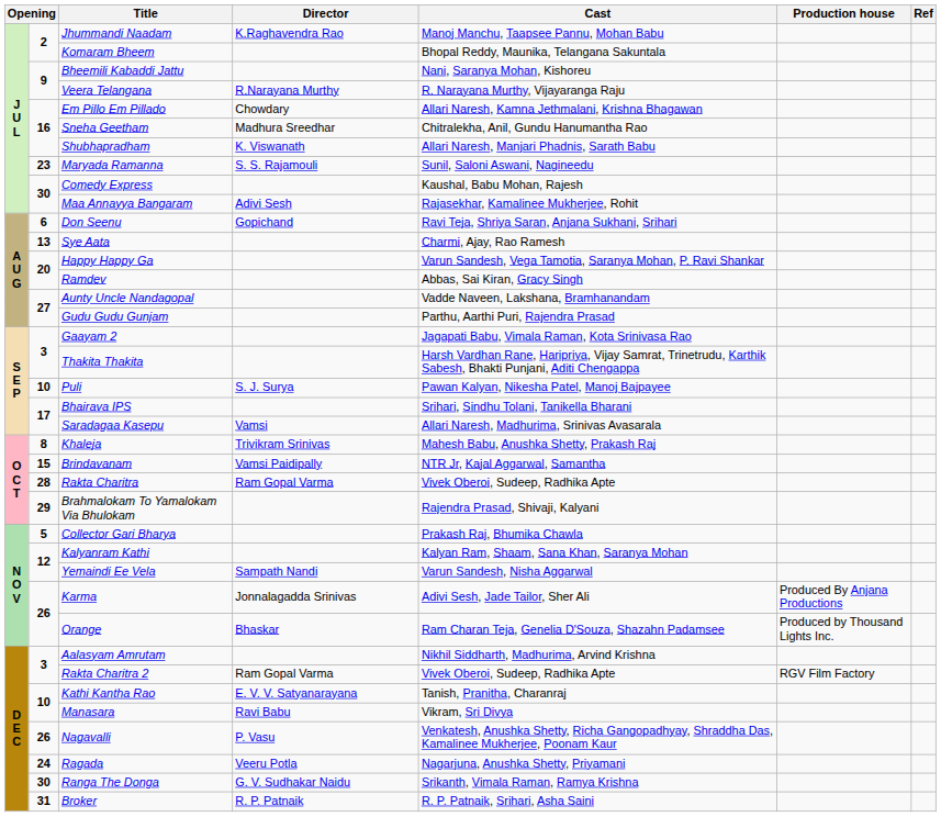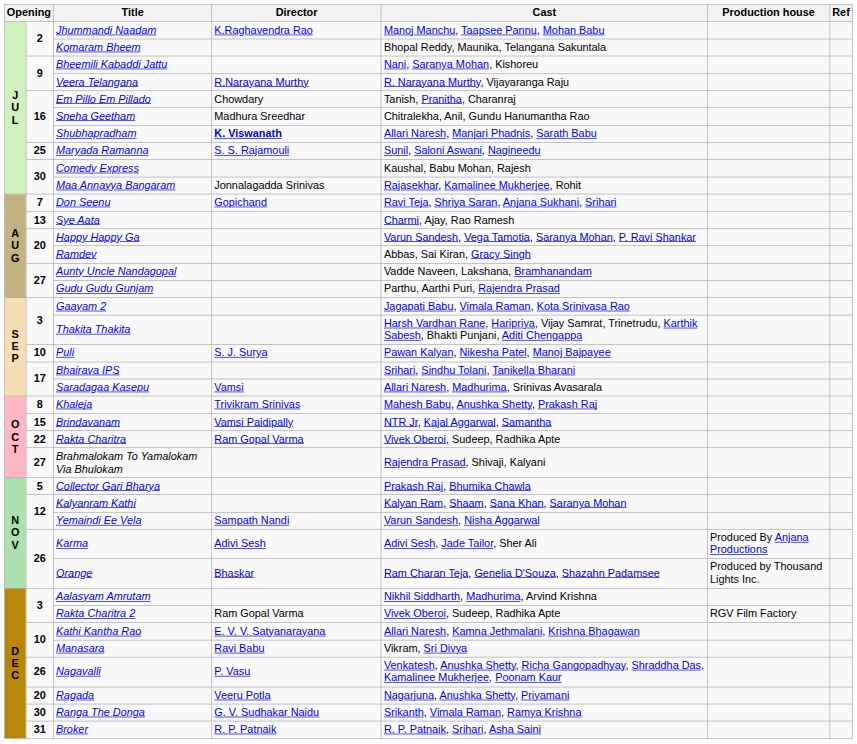 <table class="wikitable sortable">
 <tr style="background:#blue; text-align:center;">
 <th colspan="2">Opening</th>
 <th>Title</th>
 <th style="width:20%;"><strong>Director</strong></th>
 <th>Cast</th>
 <th>Production house</th>
 <th>Ref</th>
 </tr>
 <tr July!>
 <td rowspan="10"   style="text-align:center; background:	#d0f0c0; textcolor:#000;"><strong>J<br>U<br>L</strong></td>
 <td rowspan="2" style="text-align:center;"><strong>2</strong></td>
 <td><em><a href='#'>Jhummandi Naadam</a></em></td>
 <td><a href='#'>K.Raghavendra Rao</a></td>
 <td><a href='#'>Manoj Manchu</a>, <a href='#'>Taapsee Pannu</a>, <a href='#'>Mohan Babu</a></td>
 <td></td>
 <td></td>
 </tr>
 <tr>
 <td><em><a href='#'>Komaram Bheem</a></em></td>
 <td></td>
 <td>Bhopal Reddy, Maunika, Telangana Sakuntala</td>
 <td></td>
 <td></td>
 </tr>
 <tr>
 <td rowspan="2" style="text-align:center;"><strong>9</strong></td>
 <td><em><a href='#'>Bheemili Kabaddi Jattu</a></em></td>
 <td></td>
 <td><a href='#'>Nani</a>, <a href='#'>Saranya Mohan</a>, Kishoreu</td>
 <td></td>
 <td></td>
 </tr>
 <tr>
 <td><em><a href='#'>Veera Telangana</a></em></td>
 <td><a href='#'>R.Narayana Murthy</a></td>
 <td><a href='#'>R. Narayana Murthy</a>, Vijayaranga Raju</td>
 <td></td>
 <td></td>
 </tr>
 <tr>
 <td rowspan="3" style="text-align:center;"><strong>16</strong></td>
 <td><em><a href='#'>Em Pillo Em Pillado</a></em></td>
 <td>Chowdary</td>
-<td><a href='#'>Allari Naresh</a>, <a href='#'>Kamna Jethmalani</a>, <a href='#'>Krishna Bhagawan</a></td>
+<td>Tanish, <a href='#'>Pranitha</a>, Charanraj</td>
 <td></td>
 <td></td>
 </tr>
 <tr>
 <td><em><a href='#'>Sneha Geetham</a></em></td>
 <td>Madhura Sreedhar</td>
 <td>Chitralekha, Anil, Gundu Hanumantha Rao</td>
 <td></td>
 <td></td>
 </tr>
 <tr>
 <td><em><a href='#'>Shubhapradham</a></em></td>
-<td><a href='#'>K. Viswanath</a></td>
+<td><strong><a href='#'>K. Viswanath</a></strong></td>
 <td><a href='#'>Allari Naresh</a>, <a href='#'>Manjari Phadnis</a>, <a href='#'>Sarath Babu</a></td>
 <td></td>
 <td></td>
 </tr>
 <tr>
-<td style="text-align:center;"><strong>23</strong></td>
+<td style="text-align:center;"><strong>25</strong></td>
 <td><em><a href='#'>Maryada Ramanna</a></em></td>
 <td><a href='#'>S. S. Rajamouli</a></td>
 <td><a href='#'>Sunil</a>, <a href='#'>Saloni Aswani</a>, <a href='#'>Nagineedu</a></td>
 <td></td>
 <td></td>
 </tr>
 <tr>
 <td rowspan="2" style="text-align:center;"><strong>30</strong></td>
 <td><em><a href='#'>Comedy Express</a></em></td>
 <td></td>
 <td>Kaushal, Babu Mohan, Rajesh</td>
 <td></td>
 <td></td>
 </tr>
 <tr>
 <td><em><a href='#'>Maa Annayya Bangaram</a></em></td>
-<td><a href='#'>Adivi Sesh</a></td>
+<td>Jonnalagadda Srinivas</td>
 <td><a href='#'>Rajasekhar</a>, <a href='#'>Kamalinee Mukherjee</a>, Rohit</td>
 <td></td>
 <td></td>
 </tr>
 <tr August!>
 <td rowspan="6"   style="text-align:center; background:#c2b280;"><strong>A<br>U<br>G</strong></td>
-<td style="text-align:center;"><strong>6</strong></td>
+<td style="text-align:center;"><strong>7</strong></td>
 <td><em><a href='#'>Don Seenu</a></em></td>
 <td><a href='#'>Gopichand</a></td>
 <td><a href='#'>Ravi Teja</a>, <a href='#'>Shriya Saran</a>, <a href='#'>Anjana Sukhani</a>, <a href='#'>Srihari</a></td>
 <td></td>
 <td></td>
 </tr>
 <tr>
 <td style="text-align:center;"><strong>13</strong></td>
 <td><em><a href='#'>Sye Aata</a></em></td>
 <td></td>
 <td><a href='#'>Charmi</a>, Ajay, Rao Ramesh</td>
 <td></td>
 <td></td>
 </tr>
 <tr>
 <td rowspan="2" style="text-align:center;"><strong>20</strong></td>
 <td><em><a href='#'>Happy Happy Ga</a></em></td>
 <td></td>
 <td><a href='#'>Varun Sandesh</a>, <a href='#'>Vega Tamotia</a>, <a href='#'>Saranya Mohan</a>, <a href='#'>P. Ravi Shankar</a></td>
 <td></td>
 <td></td>
 </tr>
 <tr>
 <td><em><a href='#'>Ramdev</a></em></td>
 <td></td>
 <td>Abbas, Sai Kiran, <a href='#'>Gracy Singh</a></td>
 <td></td>
 <td></td>
 </tr>
 <tr>
 <td rowspan="2" style="text-align:center;"><strong>27</strong></td>
 <td><em><a href='#'>Aunty Uncle Nandagopal</a></em></td>
 <td></td>
 <td>Vadde Naveen, Lakshana, <a href='#'>Bramhanandam</a></td>
 <td></td>
 <td></td>
 </tr>
 <tr>
 <td><em><a href='#'>Gudu Gudu Gunjam</a></em></td>
 <td></td>
 <td>Parthu, Aarthi Puri, <a href='#'>Rajendra Prasad</a></td>
 <td></td>
 <td></td>
 </tr>
 <tr September!>
 <td rowspan="5"   style="text-align:center; background:wheat; textcolor:#000;"><strong>S<br>E<br>P</strong></td>
 <td rowspan="2" style="text-align:center;"><strong>3</strong></td>
 <td><em><a href='#'>Gaayam 2</a></em></td>
 <td></td>
 <td><a href='#'>Jagapati Babu</a>, <a href='#'>Vimala Raman</a>, <a href='#'>Kota Srinivasa Rao</a></td>
 <td></td>
 <td></td>
 </tr>
 <tr>
 <td><em><a href='#'>Thakita Thakita</a></em></td>
 <td></td>
 <td><a href='#'>Harsh Vardhan Rane</a>, <a href='#'>Haripriya</a>, Vijay Samrat, Trinetrudu, <a href='#'>Karthik Sabesh</a>, Bhakti Punjani, <a href='#'>Aditi Chengappa</a></td>
 <td></td>
 <td></td>
 </tr>
 <tr>
 <td style="text-align:center;"><strong>10</strong></td>
 <td><em><a href='#'>Puli</a></em></td>
 <td><a href='#'>S. J. Surya</a></td>
 <td><a href='#'>Pawan Kalyan</a>, <a href='#'>Nikesha Patel</a>, <a href='#'>Manoj Bajpayee</a></td>
 <td></td>
 <td></td>
 </tr>
 <tr>
 <td rowspan="2" style="text-align:center;"><strong>17</strong></td>
 <td><em><a href='#'>Bhairava IPS</a></em></td>
 <td></td>
 <td><a href='#'>Srihari</a>, <a href='#'>Sindhu Tolani</a>, <a href='#'>Tanikella Bharani</a></td>
 <td></td>
 <td></td>
 </tr>
 <tr>
 <td><em><a href='#'>Saradagaa Kasepu</a></em></td>
 <td><a href='#'>Vamsi</a></td>
 <td><a href='#'>Allari Naresh</a>, <a href='#'>Madhurima</a>, Srinivas Avasarala</td>
 <td></td>
 <td></td>
 </tr>
 <tr October!>
 <td rowspan="4"   style="text-align:center; background:#ffb7c5;"><strong>O<br>C<br>T</strong></td>
 <td style="text-align:center;"><strong>8</strong></td>
 <td><em><a href='#'>Khaleja</a></em></td>
 <td><a href='#'>Trivikram Srinivas</a></td>
 <td><a href='#'>Mahesh Babu</a>, <a href='#'>Anushka Shetty</a>, <a href='#'>Prakash Raj</a></td>
 <td></td>
 <td></td>
 </tr>
 <tr>
 <td style="text-align:center;"><strong>15</strong></td>
 <td><em><a href='#'>Brindavanam</a></em></td>
 <td><a href='#'>Vamsi Paidipally</a></td>
 <td><a href='#'>NTR Jr</a>, <a href='#'>Kajal Aggarwal</a>, <a href='#'>Samantha</a></td>
 <td></td>
 <td></td>
 </tr>
 <tr>
-<td style="text-align:center;"><strong>28</strong></td>
+<td style="text-align:center;"><strong>22</strong></td>
 <td><em><a href='#'>Rakta Charitra</a></em></td>
 <td><a href='#'>Ram Gopal Varma</a></td>
 <td><a href='#'>Vivek Oberoi</a>, Sudeep, Radhika Apte</td>
 <td></td>
 <td></td>
 </tr>
 <tr>
-<td style="text-align:center;"><strong>29</strong></td>
+<td style="text-align:center;"><strong>27</strong></td>
 <td><em>Brahmalokam To Yamalokam Via Bhulokam</em></td>
 <td></td>
 <td><a href='#'>Rajendra Prasad</a>, Shivaji, Kalyani</td>
 <td></td>
 <td></td>
 </tr>
 <tr November!>
 <td rowspan="5"   style="text-align:center; background:#ace1af;"><strong>N<br>O<br>V</strong></td>
 <td style="text-align:center;"><strong>5</strong></td>
 <td><em><a href='#'>Collector Gari Bharya</a></em></td>
 <td></td>
 <td><a href='#'>Prakash Raj</a>, <a href='#'>Bhumika Chawla</a></td>
 <td></td>
 <td></td>
 </tr>
 <tr>
 <td rowspan="2" style="text-align:center;"><strong>12</strong></td>
 <td><em><a href='#'>Kalyanram Kathi</a></em></td>
 <td></td>
 <td><a href='#'>Kalyan Ram</a>, <a href='#'>Shaam</a>, <a href='#'>Sana Khan</a>, <a href='#'>Saranya Mohan</a></td>
 <td></td>
 <td></td>
 </tr>
 <tr>
 <td><em><a href='#'>Yemaindi Ee Vela</a></em></td>
 <td><a href='#'>Sampath Nandi</a></td>
 <td><a href='#'>Varun Sandesh</a>, <a href='#'>Nisha Aggarwal</a></td>
 <td></td>
 <td></td>
 </tr>
 <tr>
 <td rowspan="2" style="text-align:center;"><strong>26</strong></td>
 <td><em><a href='#'>Karma</a></em></td>
-<td>Jonnalagadda Srinivas</td>
+<td><a href='#'>Adivi Sesh</a></td>
 <td><a href='#'>Adivi Sesh</a>, <a href='#'>Jade Tailor</a>, Sher Ali</td>
 <td>Produced By <a href='#'>Anjana Productions</a></td>
 <td></td>
 </tr>
 <tr>
 <td><em><a href='#'>Orange</a></em></td>
 <td><a href='#'>Bhaskar</a></td>
 <td><a href='#'>Ram Charan Teja</a>, <a href='#'>Genelia D'Souza</a>, <a href='#'>Shazahn Padamsee</a></td>
 <td>Produced by Thousand Lights Inc.</td>
 <td></td>
 </tr>
 <tr December!>
 <td rowspan="8"   style="text-align:center; background:#b8860b;"><strong>D<br>E<br>C</strong></td>
 <td rowspan="2" style="text-align:center;"><strong>3</strong></td>
 <td><em><a href='#'>Aalasyam Amrutam</a></em></td>
 <td></td>
 <td><a href='#'>Nikhil Siddharth</a>, <a href='#'>Madhurima</a>, Arvind Krishna</td>
 <td></td>
 <td></td>
 </tr>
 <tr>
 <td><em><a href='#'>Rakta Charitra 2</a></em></td>
 <td>Ram Gopal Varma</td>
 <td><a href='#'>Vivek Oberoi</a>, Sudeep, Radhika Apte</td>
 <td>RGV Film Factory</td>
 <td></td>
 </tr>
 <tr>
 <td rowspan="2" style="text-align:center;"><strong>10</strong></td>
 <td><em><a href='#'>Kathi Kantha Rao</a></em></td>
 <td><a href='#'>E. V. V. Satyanarayana</a></td>
-<td>Tanish, <a href='#'>Pranitha</a>, Charanraj</td>
+<td><a href='#'>Allari Naresh</a>, <a href='#'>Kamna Jethmalani</a>, <a href='#'>Krishna Bhagawan</a></td>
 <td></td>
 <td></td>
 </tr>
 <tr>
 <td><em><a href='#'>Manasara</a></em></td>
 <td><a href='#'>Ravi Babu</a></td>
 <td>Vikram, <a href='#'>Sri Divya</a></td>
 <td></td>
 <td></td>
 </tr>
 <tr>
 <td style="text-align:center;"><strong>26</strong></td>
 <td><em><a href='#'>Nagavalli</a></em></td>
 <td><a href='#'>P. Vasu</a></td>
 <td><a href='#'>Venkatesh</a>, <a href='#'>Anushka Shetty</a>, <a href='#'>Richa Gangopadhyay</a>, <a href='#'>Shraddha Das</a>, <a href='#'>Kamalinee Mukherjee</a>, <a href='#'>Poonam Kaur</a></td>
 <td></td>
 <td></td>
 </tr>
 <tr>
-<td style="text-align:center;"><strong>24</strong></td>
+<td style="text-align:center;"><strong>20</strong></td>
 <td><em><a href='#'>Ragada</a></em></td>
 <td><a href='#'>Veeru Potla</a></td>
 <td><a href='#'>Nagarjuna</a>, <a href='#'>Anushka Shetty</a>, <a href='#'>Priyamani</a></td>
 <td></td>
 <td></td>
 </tr>
 <tr>
 <td style="text-align:center;"><strong>30</strong></td>
 <td><em><a href='#'>Ranga The Donga</a></em></td>
 <td><a href='#'>G. V. Sudhakar Naidu</a></td>
 <td><a href='#'>Srikanth</a>, <a href='#'>Vimala Raman</a>, <a href='#'>Ramya Krishna</a></td>
 <td></td>
 <td></td>
 </tr>
 <tr>
 <td style="text-align:center;"><strong>31</strong></td>
 <td><em><a href='#'>Broker</a></em></td>
 <td><a href='#'>R. P. Patnaik</a></td>
 <td><a href='#'>R. P. Patnaik</a>, <a href='#'>Srihari</a>, <a href='#'>Asha Saini</a></td>
 <td></td>
 <td></td>
 </tr>
 </table>
